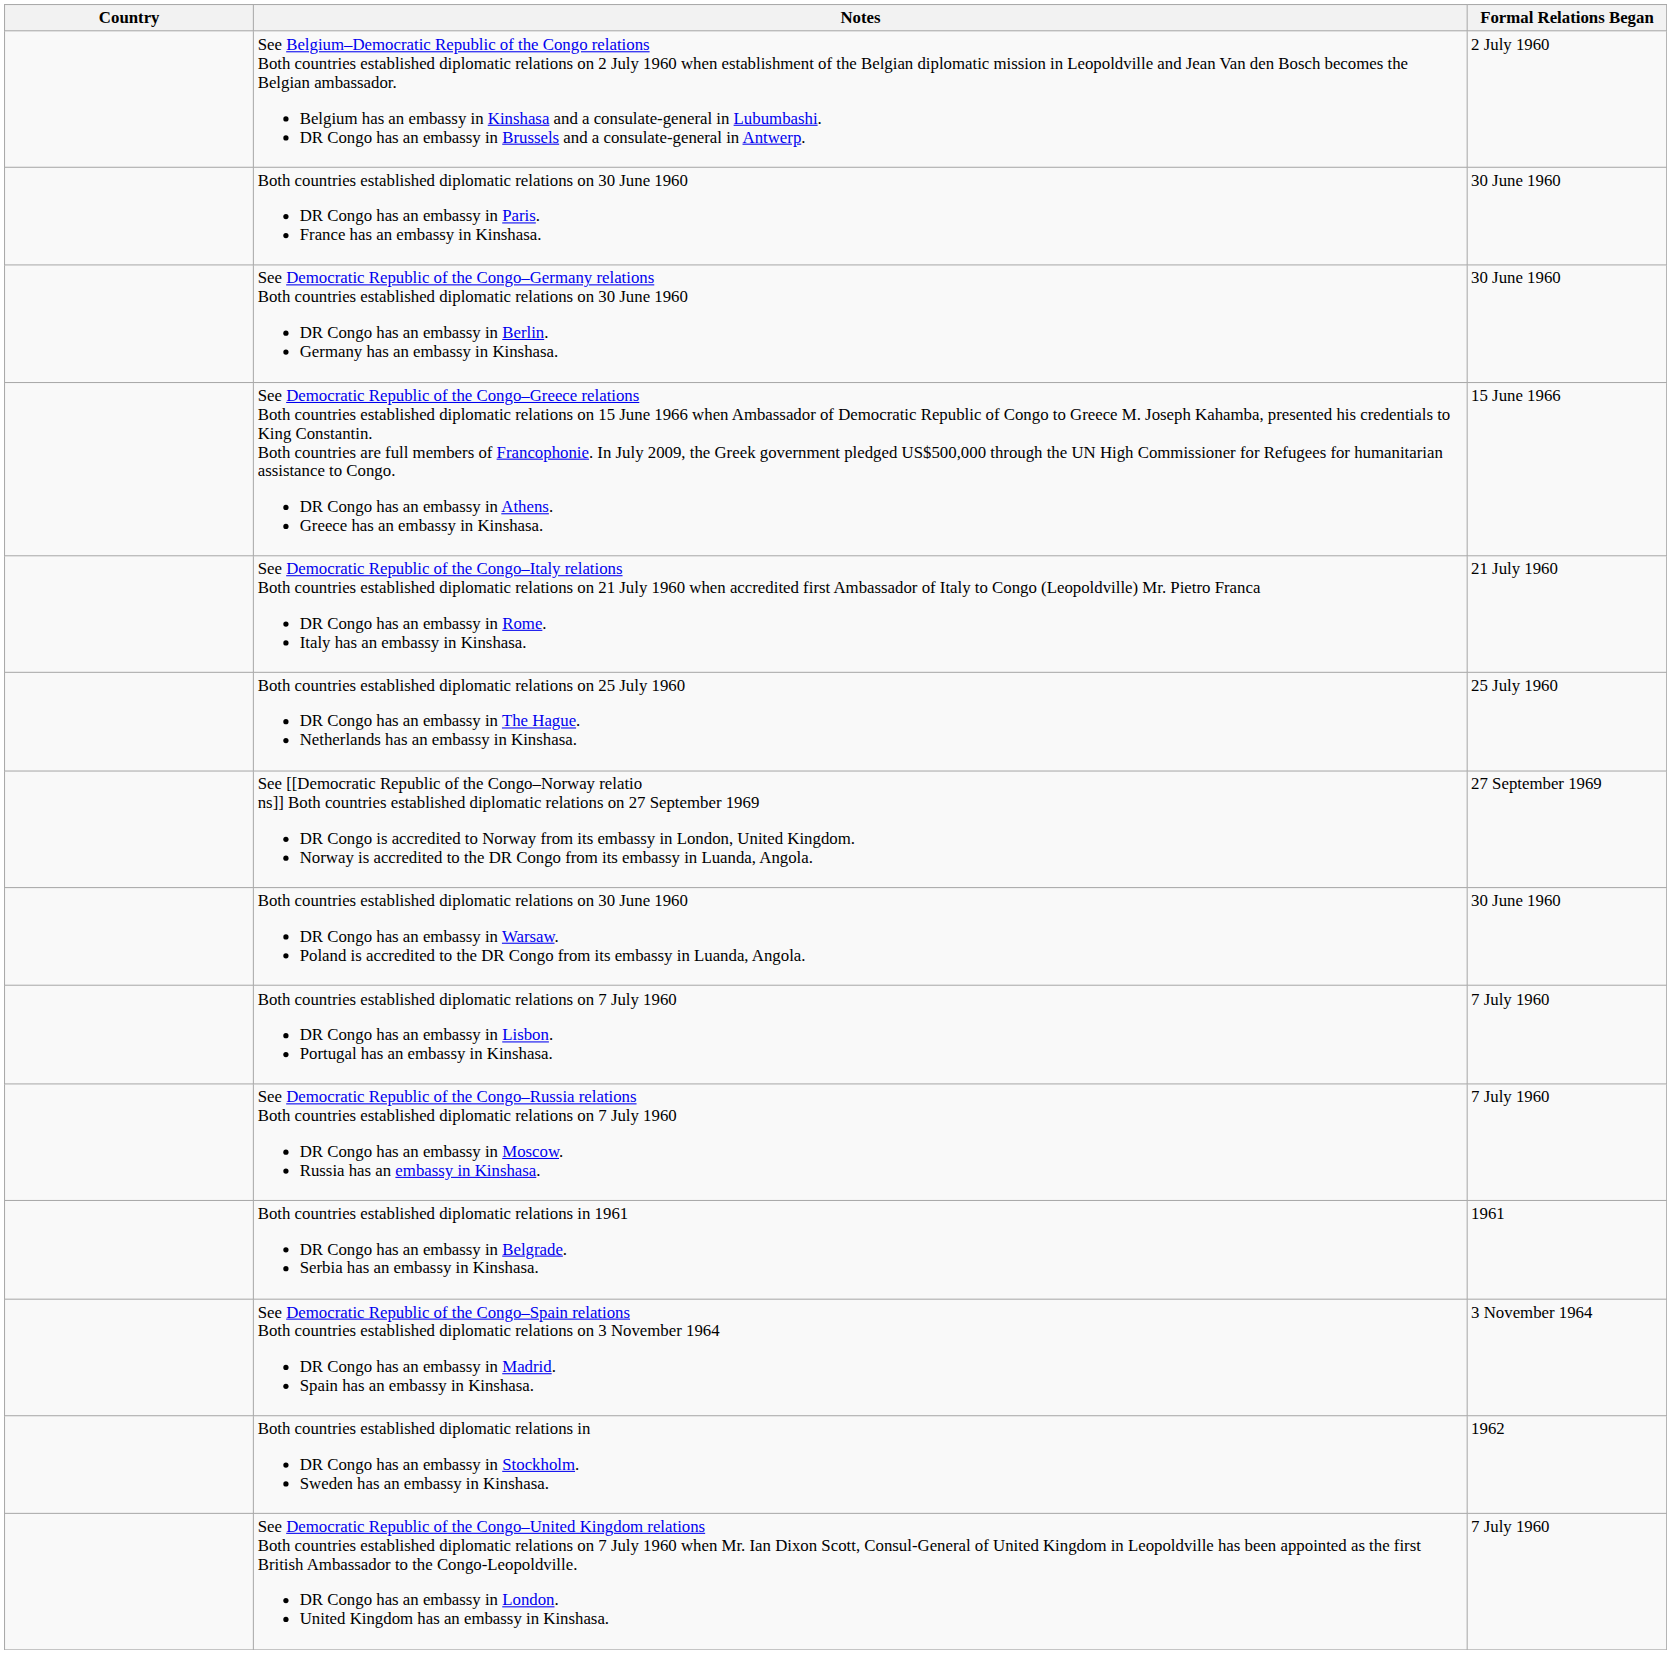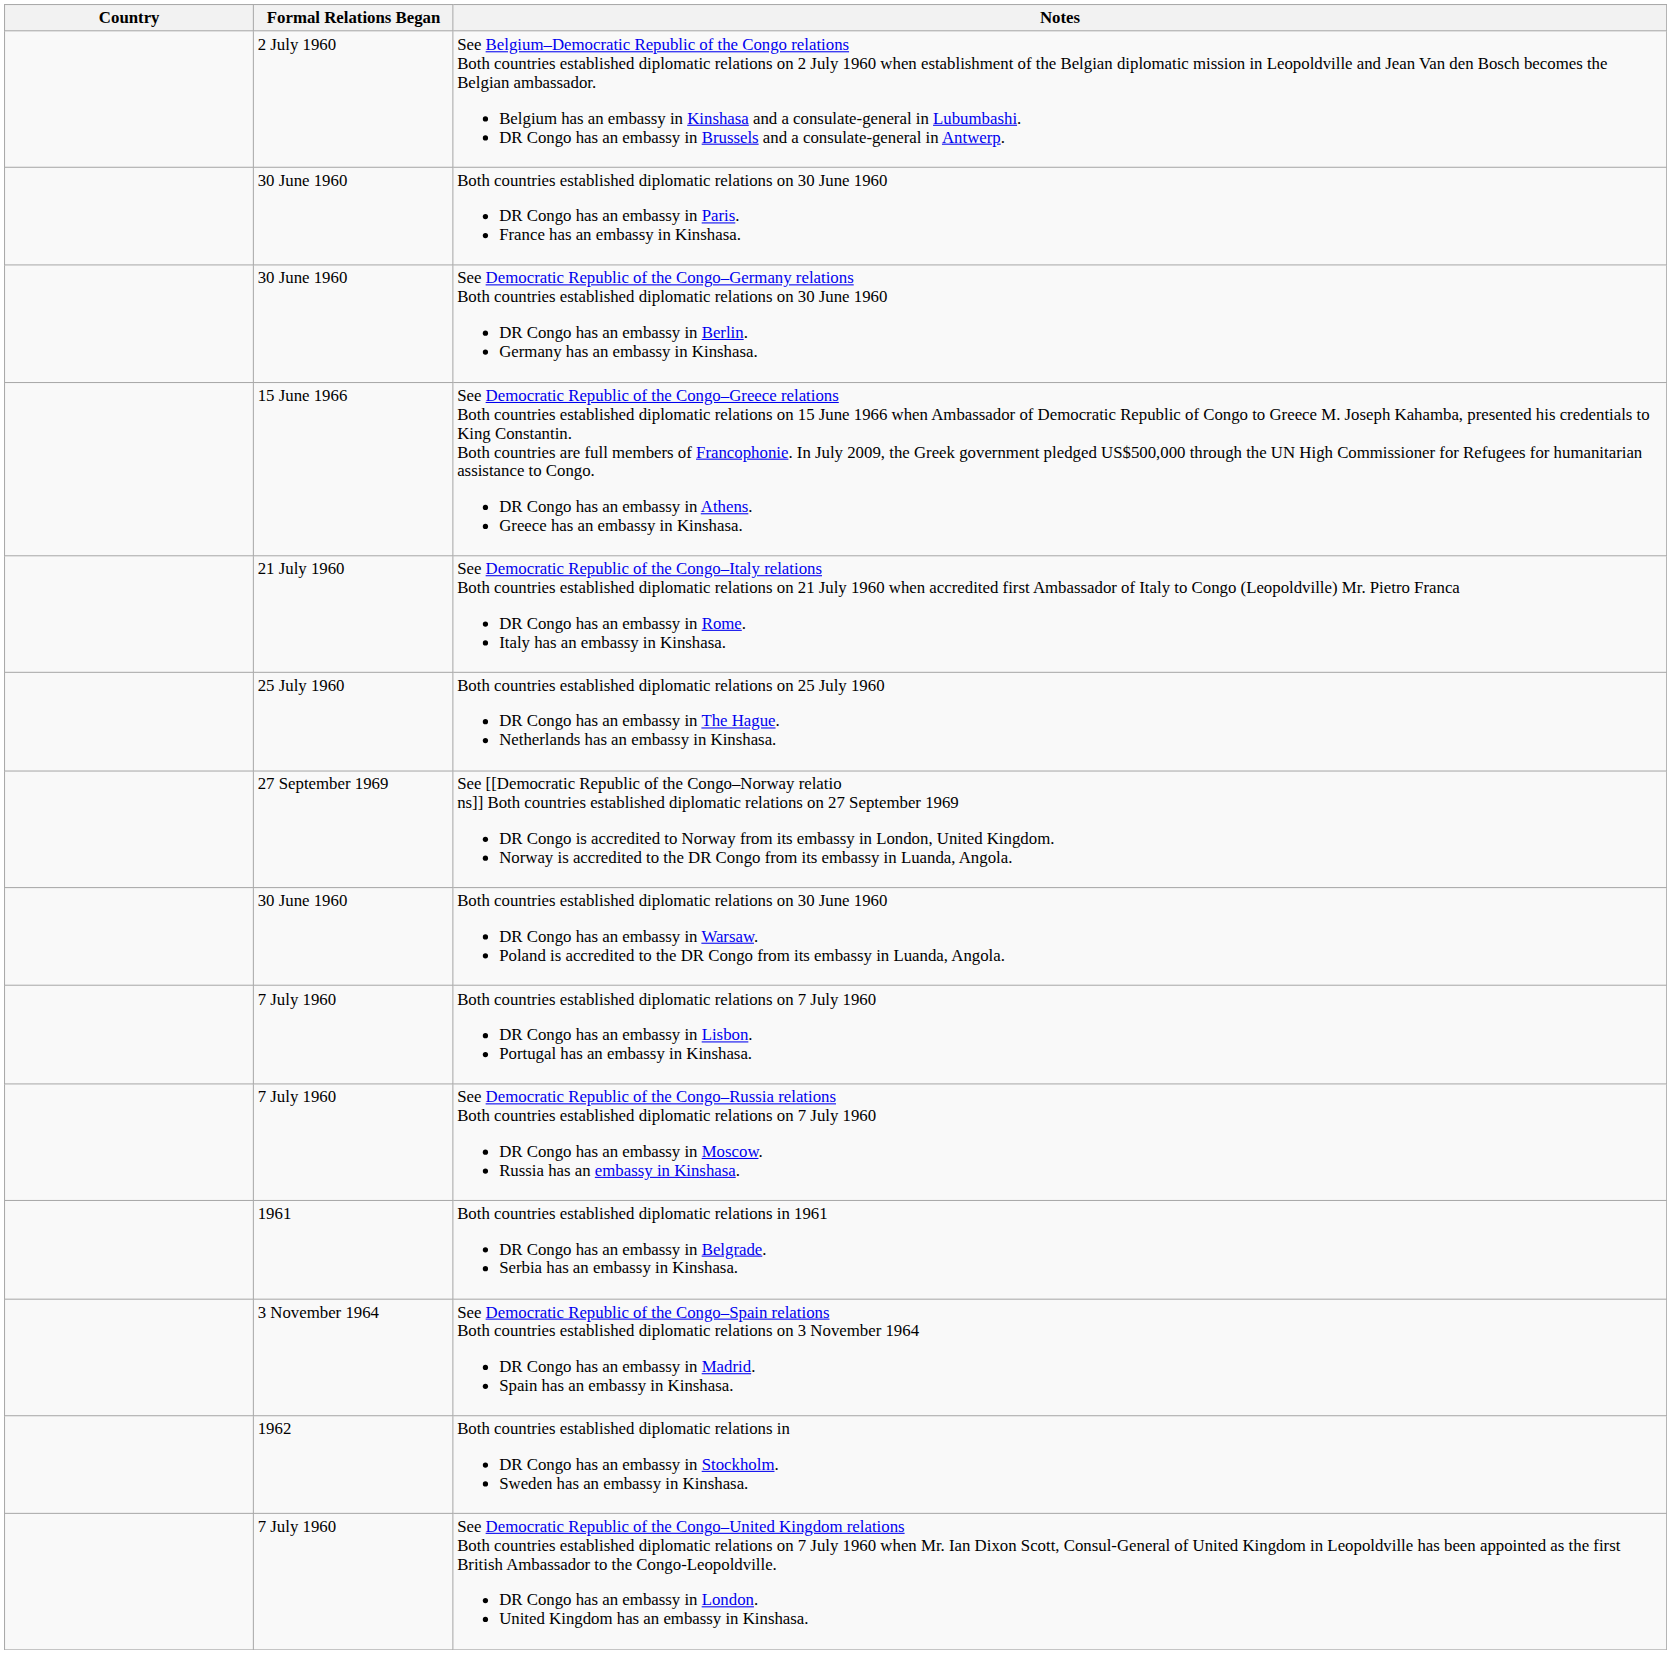 <table class="wikitable sortable" style="width:100%; margin:auto;">
 <tr>
 <th style="width:15%;">Country</th>
+<th style="width:12%;">Formal Relations Began</th>
 <th>Notes</th>
-<th style="width:12%;">Formal Relations Began</th>
 </tr>
 <tr valign="top">
 <td></td>
+<td>2 July 1960</td>
 <td>See <a href='#'>Belgium–Democratic Republic of the Congo relations</a><br>Both countries established diplomatic relations on 2 July 1960 when establishment of the Belgian diplomatic mission in Leopoldville and Jean Van den Bosch becomes the Belgian ambassador.<ul><li>Belgium has an embassy in <a href='#'>Kinshasa</a> and a consulate-general in <a href='#'>Lubumbashi</a>.</li><li>DR Congo has an embassy in <a href='#'>Brussels</a> and a consulate-general in <a href='#'>Antwerp</a>.</li></ul></td>
-<td>2 July 1960</td>
 </tr>
 <tr valign="top">
 <td></td>
+<td>30 June 1960</td>
 <td>Both countries established diplomatic relations on 30 June 1960<br><ul><li>DR Congo has an embassy in <a href='#'>Paris</a>.</li><li>France has an embassy in Kinshasa.</li></ul></td>
-<td>30 June 1960</td>
 </tr>
 <tr valign="top">
 <td></td>
+<td>30 June 1960</td>
 <td>See <a href='#'>Democratic Republic of the Congo–Germany relations</a><br>Both countries established diplomatic relations on 30 June 1960<ul><li>DR Congo has an embassy in <a href='#'>Berlin</a>.</li><li>Germany has an embassy in Kinshasa.</li></ul></td>
-<td>30 June 1960</td>
 </tr>
 <tr valign="top">
 <td></td>
+<td>15 June 1966</td>
 <td>See <a href='#'>Democratic Republic of the Congo–Greece relations</a><br>Both countries established diplomatic relations on 15 June 1966 when Ambassador of Democratic Republic of Congo to Greece M. Joseph Kahamba, presented his credentials to King Constantin.<br>Both countries are full members of <a href='#'>Francophonie</a>. In July 2009, the Greek government pledged US$500,000 through the UN High Commissioner for Refugees for humanitarian assistance to Congo.<ul><li>DR Congo has an embassy in <a href='#'>Athens</a>.</li><li>Greece has an embassy in Kinshasa.</li></ul></td>
-<td>15 June 1966</td>
 </tr>
 <tr valign="top">
 <td></td>
+<td>21 July 1960</td>
 <td>See <a href='#'>Democratic Republic of the Congo–Italy relations</a><br>Both countries established diplomatic relations on 21 July 1960 when accredited first Ambassador of Italy to Congo (Leopoldville) Mr. Pietro Franca<ul><li>DR Congo has an embassy in <a href='#'>Rome</a>.</li><li>Italy has an embassy in Kinshasa.</li></ul></td>
-<td>21 July 1960</td>
 </tr>
 <tr valign="top">
 <td></td>
+<td>25 July 1960</td>
 <td>Both countries established diplomatic relations on 25 July 1960<br><ul><li>DR Congo has an embassy in <a href='#'>The Hague</a>.</li><li>Netherlands has an embassy in Kinshasa.</li></ul></td>
-<td>25 July 1960</td>
 </tr>
 <tr valign="top">
 <td></td>
+<td>27 September 1969</td>
 <td>See [[Democratic Republic of the Congo–Norway relatio<br>ns]] Both countries established diplomatic relations on 27 September 1969<ul><li>DR Congo is accredited to Norway from its embassy in London, United Kingdom.</li><li>Norway is accredited to the DR Congo from its embassy in Luanda, Angola.</li></ul></td>
-<td>27 September 1969</td>
 </tr>
 <tr valign="top">
 <td></td>
+<td>30 June 1960</td>
 <td>Both countries established diplomatic relations on 30 June 1960<br><ul><li>DR Congo has an embassy in <a href='#'>Warsaw</a>.</li><li>Poland is accredited to the DR Congo from its embassy in Luanda, Angola.</li></ul></td>
-<td>30 June 1960</td>
 </tr>
 <tr valign="top">
 <td></td>
+<td>7 July 1960</td>
 <td>Both countries established diplomatic relations on 7 July 1960<br><ul><li>DR Congo has an embassy in <a href='#'>Lisbon</a>.</li><li>Portugal has an embassy in Kinshasa.</li></ul></td>
-<td>7 July 1960</td>
 </tr>
 <tr valign="top">
 <td></td>
+<td>7 July 1960</td>
 <td>See <a href='#'>Democratic Republic of the Congo–Russia relations</a><br>Both countries established diplomatic relations on 7 July 1960<ul><li>DR Congo has an embassy in <a href='#'>Moscow</a>.</li><li>Russia has an <a href='#'>embassy in Kinshasa</a>.</li></ul></td>
-<td>7 July 1960</td>
 </tr>
 <tr valign="top">
 <td></td>
+<td>1961</td>
 <td>Both countries established diplomatic relations in 1961<br><ul><li>DR Congo has an embassy in <a href='#'>Belgrade</a>.</li><li>Serbia has an embassy in Kinshasa.</li></ul></td>
-<td>1961</td>
 </tr>
 <tr valign="top">
 <td></td>
+<td>3 November 1964</td>
 <td>See <a href='#'>Democratic Republic of the Congo–Spain relations</a><br>Both countries established diplomatic relations on 3 November 1964<ul><li>DR Congo has an embassy in <a href='#'>Madrid</a>.</li><li>Spain has an embassy in Kinshasa.</li></ul></td>
-<td>3 November 1964</td>
 </tr>
 <tr valign="top">
 <td></td>
+<td>1962</td>
 <td>Both countries established diplomatic relations in <br><ul><li>DR Congo has an embassy in <a href='#'>Stockholm</a>.</li><li>Sweden has an embassy in Kinshasa.</li></ul></td>
-<td>1962</td>
 </tr>
 <tr valign="top">
 <td></td>
+<td>7 July 1960</td>
 <td>See <a href='#'>Democratic Republic of the Congo–United Kingdom relations</a><br>Both countries established diplomatic relations on 7 July 1960 when Mr. Ian Dixon Scott, Consul-General of United Kingdom in Leopoldville has been appointed as the first British Ambassador to the Congo-Leopoldville.<ul><li>DR Congo has an embassy in <a href='#'>London</a>.</li><li>United Kingdom has an embassy in Kinshasa.</li></ul></td>
-<td>7 July 1960</td>
 </tr>
 </table>
